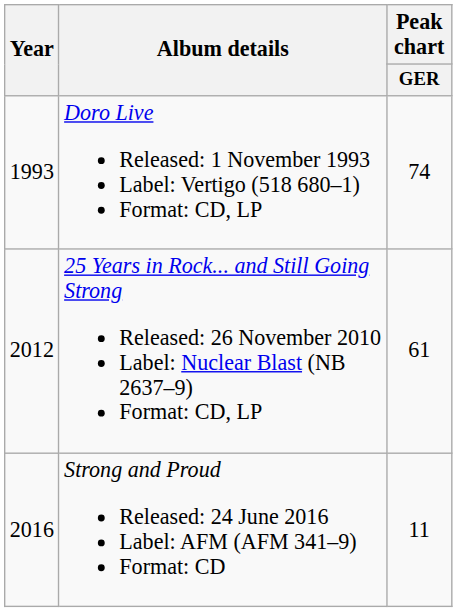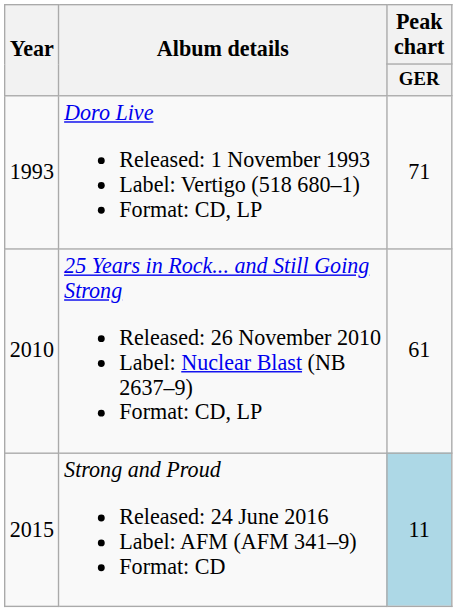 <table class="wikitable">
 <tr>
 <th rowspan="2">Year</th>
 <th rowspan="2" width="230">Album details</th>
 <th colspan="2">Peak chart</th>
 </tr>
 <tr>
 <th style="width:3em;font-size:85%;">GER<br></th>
 </tr>
 <tr>
 <td>1993</td>
 <td><em><a href='#'>Doro Live</a></em><br><ul><li>Released: 1 November 1993</li><li>Label: Vertigo (518 680–1)</li><li>Format: CD, LP</li></ul></td>
-<td align="center">74</td>
+<td align="center">71</td>
 </tr>
 <tr>
-<td>2012</td>
+<td>2010</td>
 <td><em><a href='#'>25 Years in Rock... and Still Going Strong</a></em><br><ul><li>Released: 26 November 2010</li><li>Label: <a href='#'>Nuclear Blast</a> (NB 2637–9)</li><li>Format: CD, LP</li></ul></td>
 <td align="center">61</td>
 </tr>
 <tr>
-<td>2016</td>
+<td>2015</td>
 <td><em>Strong and Proud</em><br><ul><li>Released: 24 June 2016</li><li>Label: AFM (AFM 341–9)</li><li>Format: CD</li></ul></td>
-<td align="center">11</td>
+<td align="center" style="background: lightblue;">11</td>
 </tr>
 </table>
